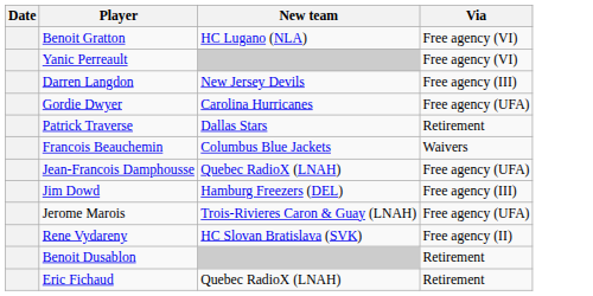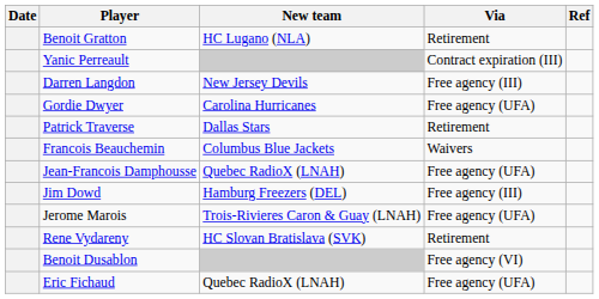 <table class="wikitable plainrowheaders">
 <tr style="background:#ddd; text-align:center;">
 <th>Date</th>
 <th>Player</th>
 <th>New team</th>
 <th>Via</th>
+<th>Ref</th>
 </tr>
 <tr>
 <th scope="row"></th>
 <td><a href='#'>Benoit Gratton</a></td>
 <td><a href='#'>HC Lugano</a> (<a href='#'>NLA</a>)</td>
-<td>Free agency (VI)</td>
+<td>Retirement</td>
+<td></td>
 </tr>
 <tr>
 <th scope="row"></th>
 <td><a href='#'>Yanic Perreault</a></td>
 <td style="background:#ccc"></td>
-<td>Free agency (VI)</td>
+<td>Contract expiration (III)</td>
+<td></td>
 </tr>
 <tr>
 <th scope="row"></th>
 <td><a href='#'>Darren Langdon</a></td>
 <td><a href='#'>New Jersey Devils</a></td>
 <td>Free agency (III)</td>
+<td></td>
 </tr>
 <tr>
 <th scope="row"></th>
 <td><a href='#'>Gordie Dwyer</a></td>
 <td><a href='#'>Carolina Hurricanes</a></td>
 <td>Free agency (UFA)</td>
+<td></td>
 </tr>
 <tr>
 <th scope="row"></th>
 <td><a href='#'>Patrick Traverse</a></td>
 <td><a href='#'>Dallas Stars</a></td>
 <td>Retirement</td>
+<td></td>
 </tr>
 <tr>
 <th scope="row"></th>
 <td><a href='#'>Francois Beauchemin</a></td>
 <td><a href='#'>Columbus Blue Jackets</a></td>
 <td>Waivers</td>
+<td></td>
 </tr>
 <tr>
 <th scope="row"></th>
 <td><a href='#'>Jean-Francois Damphousse</a></td>
 <td><a href='#'>Quebec RadioX</a> (<a href='#'>LNAH</a>)</td>
 <td>Free agency (UFA)</td>
+<td></td>
 </tr>
 <tr>
 <th scope="row"></th>
 <td><a href='#'>Jim Dowd</a></td>
 <td><a href='#'>Hamburg Freezers</a> (<a href='#'>DEL</a>)</td>
 <td>Free agency (III)</td>
+<td></td>
 </tr>
 <tr>
 <th scope="row"></th>
 <td>Jerome Marois</td>
 <td><a href='#'>Trois-Rivieres Caron & Guay</a> (LNAH)</td>
 <td>Free agency (UFA)</td>
+<td></td>
 </tr>
 <tr>
 <th scope="row"></th>
 <td><a href='#'>Rene Vydareny</a></td>
 <td><a href='#'>HC Slovan Bratislava</a> (<a href='#'>SVK</a>)</td>
-<td>Free agency (II)</td>
+<td>Retirement</td>
+<td></td>
 </tr>
 <tr>
 <th scope="row"></th>
 <td><a href='#'>Benoit Dusablon</a></td>
 <td style="background:#ccc"></td>
-<td>Retirement</td>
+<td>Free agency (VI)</td>
+<td></td>
 </tr>
 <tr>
 <th scope="row"></th>
 <td><a href='#'>Eric Fichaud</a></td>
 <td>Quebec RadioX (LNAH)</td>
-<td>Retirement</td>
+<td>Free agency (UFA)</td>
+<td></td>
 </tr>
 </table>
